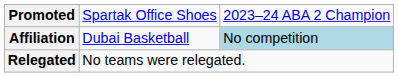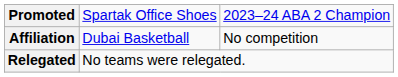 <table class="wikitable">
 <tr>
 <th>Promoted</th>
 <td> <a href='#'>Spartak Office Shoes</a></td>
 <td><a href='#'>2023–24 ABA 2 Champion</a></td>
 </tr>
 <tr>
 <th>Affiliation</th>
 <td> <a href='#'>Dubai Basketball</a></td>
-<td style="background: lightblue;">No competition</td>
+<td>No competition</td>
 </tr>
 <tr>
 <th>Relegated</th>
 <td colspan="2">No teams were relegated.</td>
 </tr>
 </table>
